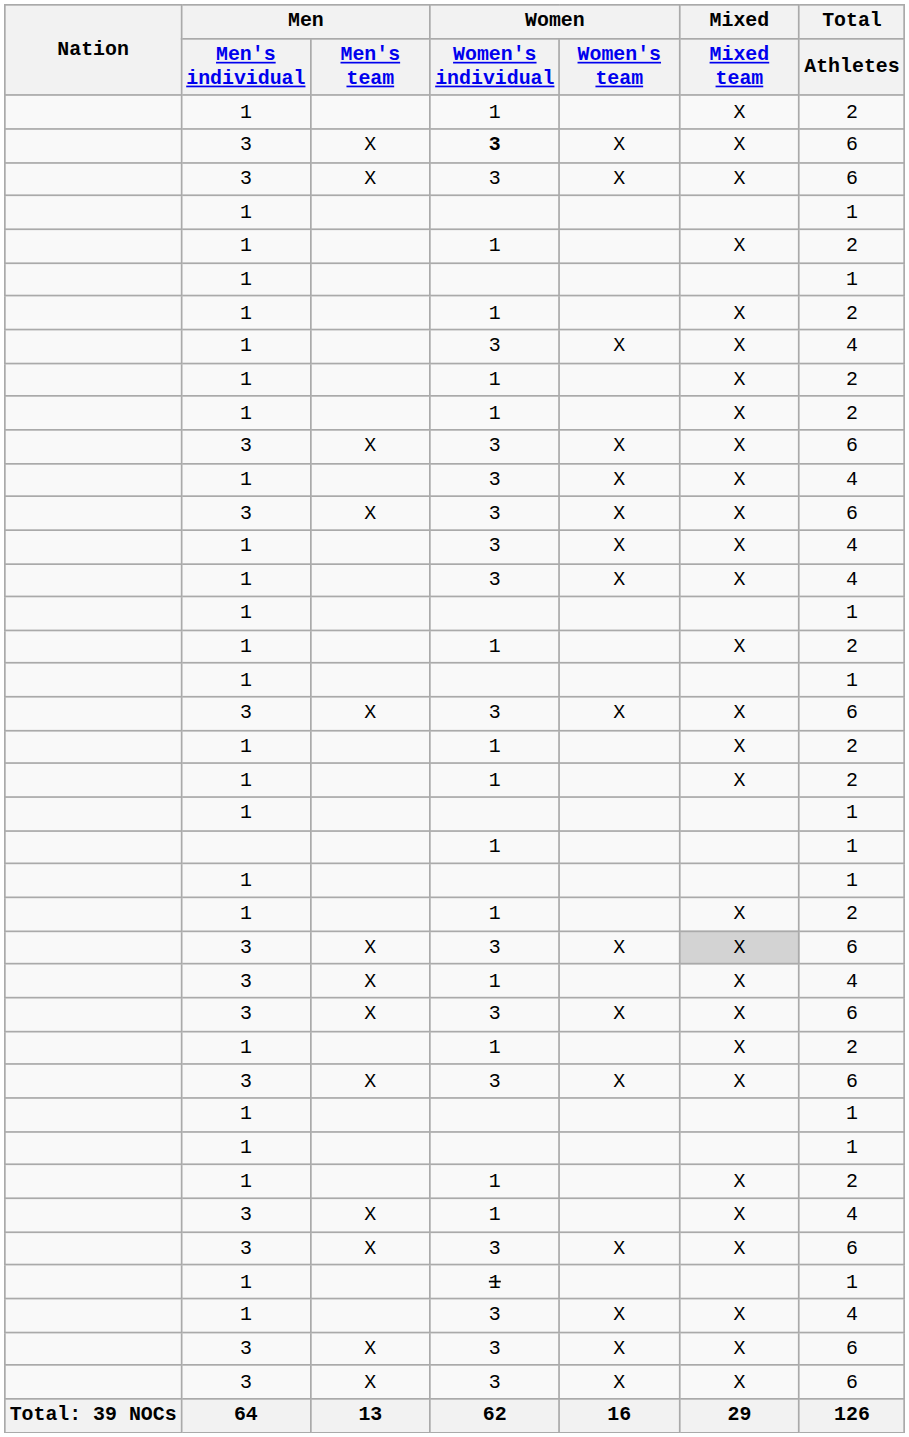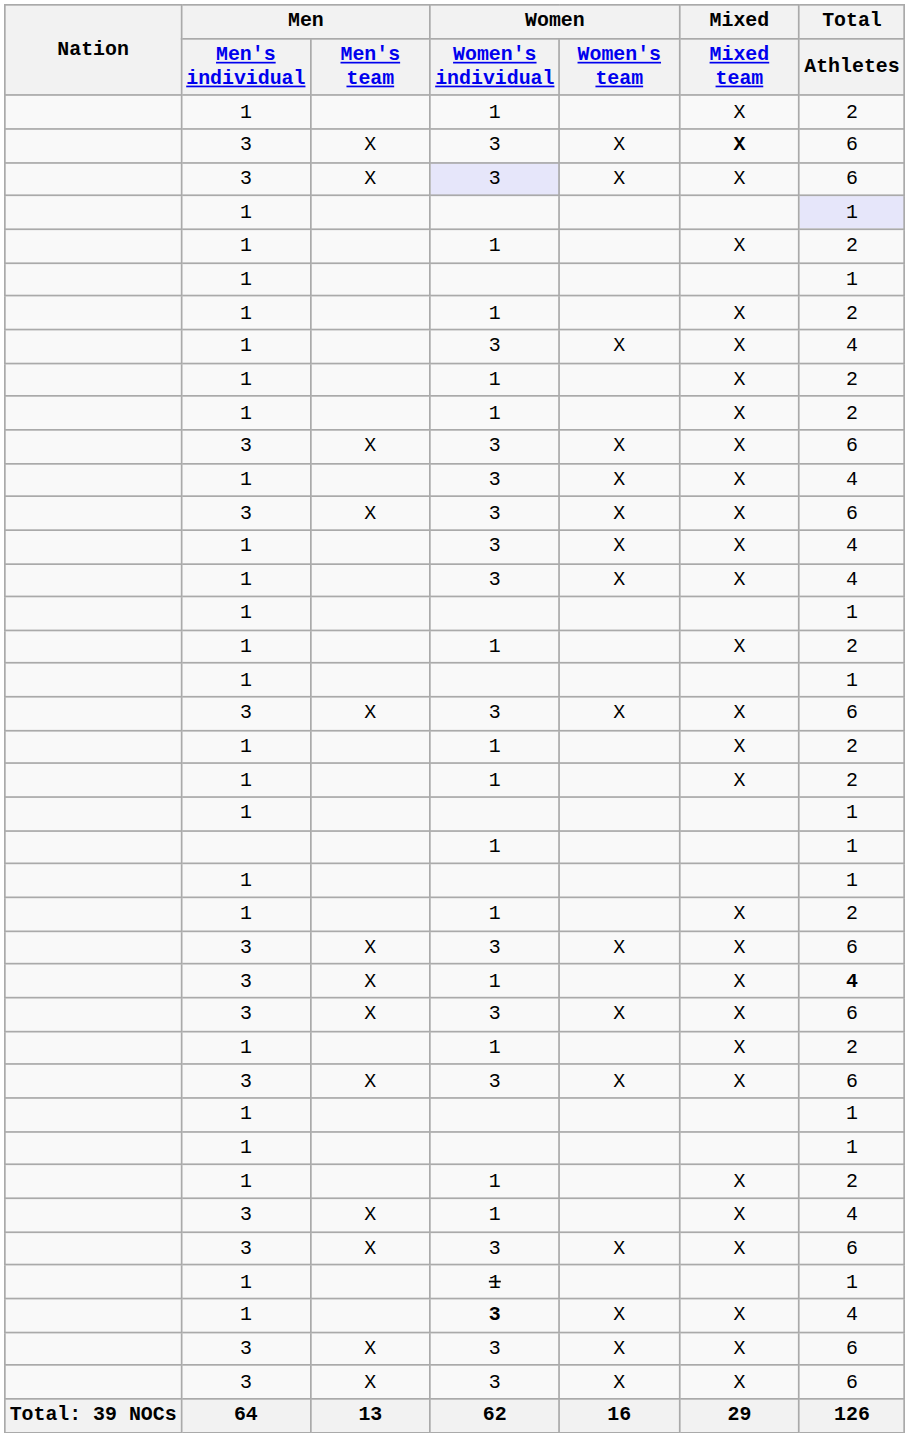 <table class="wikitable" style="text-align:center; font-size:90%">
 <tr>
 <th rowspan="2" align="left">Nation</th>
 <th colspan="2">Men</th>
 <th colspan="2">Women</th>
 <th>Mixed</th>
 <th>Total</th>
 </tr>
 <tr>
 <th width=65><a href='#'>Men's<br> individual</a></th>
 <th width=65><a href='#'>Men's<br> team</a></th>
 <th width=65><a href='#'>Women's<br> individual</a></th>
 <th width=65><a href='#'>Women's<br> team</a></th>
 <th width=65><a href='#'>Mixed<br> team</a></th>
 <th width=55>Athletes</th>
 </tr>
 <tr>
 <td align=left></td>
 <td>1</td>
 <td></td>
 <td>1</td>
 <td></td>
 <td>X</td>
 <td>2</td>
 </tr>
 <tr>
 <td align=left></td>
 <td>3</td>
 <td>X</td>
-<td><strong>3</strong></td>
+<td>3</td>
 <td>X</td>
-<td>X</td>
+<td><strong>X</strong></td>
 <td>6</td>
 </tr>
 <tr>
 <td align=left></td>
 <td>3</td>
 <td>X</td>
-<td>3</td>
+<td style="background: lavender;">3</td>
 <td>X</td>
 <td>X</td>
 <td>6</td>
 </tr>
 <tr>
 <td align=left></td>
 <td>1</td>
 <td></td>
 <td></td>
 <td></td>
 <td></td>
-<td>1</td>
+<td style="background: lavender;">1</td>
 </tr>
 <tr>
 <td align=left></td>
 <td>1</td>
 <td></td>
 <td>1</td>
 <td></td>
 <td>X</td>
 <td>2</td>
 </tr>
 <tr>
 <td align=left></td>
 <td>1</td>
 <td></td>
 <td></td>
 <td></td>
 <td></td>
 <td>1</td>
 </tr>
 <tr>
 <td align=left></td>
 <td>1</td>
 <td></td>
 <td>1</td>
 <td></td>
 <td>X</td>
 <td>2</td>
 </tr>
 <tr>
 <td align=left></td>
 <td>1</td>
 <td></td>
 <td>3</td>
 <td>X</td>
 <td>X</td>
 <td>4</td>
 </tr>
 <tr>
 <td align=left></td>
 <td>1</td>
 <td></td>
 <td>1</td>
 <td></td>
 <td>X</td>
 <td>2</td>
 </tr>
 <tr>
 <td align=left></td>
 <td>1</td>
 <td></td>
 <td>1</td>
 <td></td>
 <td>X</td>
 <td>2</td>
 </tr>
 <tr>
 <td align=left></td>
 <td>3</td>
 <td>X</td>
 <td>3</td>
 <td>X</td>
 <td>X</td>
 <td>6</td>
 </tr>
 <tr>
 <td align=left></td>
 <td>1</td>
 <td></td>
 <td>3</td>
 <td>X</td>
 <td>X</td>
 <td>4</td>
 </tr>
 <tr>
 <td align=left></td>
 <td>3</td>
 <td>X</td>
 <td>3</td>
 <td>X</td>
 <td>X</td>
 <td>6</td>
 </tr>
 <tr>
 <td align=left></td>
 <td>1</td>
 <td></td>
 <td>3</td>
 <td>X</td>
 <td>X</td>
 <td>4</td>
 </tr>
 <tr>
 <td align=left></td>
 <td>1</td>
 <td></td>
 <td>3</td>
 <td>X</td>
 <td>X</td>
 <td>4</td>
 </tr>
 <tr>
 <td align=left></td>
 <td>1</td>
 <td></td>
 <td></td>
 <td></td>
 <td></td>
 <td>1</td>
 </tr>
 <tr>
 <td align=left></td>
 <td>1</td>
 <td></td>
 <td>1</td>
 <td></td>
 <td>X</td>
 <td>2</td>
 </tr>
 <tr>
 <td align=left></td>
 <td>1</td>
 <td></td>
 <td></td>
 <td></td>
 <td></td>
 <td>1</td>
 </tr>
 <tr>
 <td align=left></td>
 <td>3</td>
 <td>X</td>
 <td>3</td>
 <td>X</td>
 <td>X</td>
 <td>6</td>
 </tr>
 <tr>
 <td align=left></td>
 <td>1</td>
 <td></td>
 <td>1</td>
 <td></td>
 <td>X</td>
 <td>2</td>
 </tr>
 <tr>
 <td align=left></td>
 <td>1</td>
 <td></td>
 <td>1</td>
 <td></td>
 <td>X</td>
 <td>2</td>
 </tr>
 <tr>
 <td align=left></td>
 <td>1</td>
 <td></td>
 <td></td>
 <td></td>
 <td></td>
 <td>1</td>
 </tr>
 <tr>
 <td align=left></td>
 <td></td>
 <td></td>
 <td>1</td>
 <td></td>
 <td></td>
 <td>1</td>
 </tr>
 <tr>
 <td align=left></td>
 <td>1</td>
 <td></td>
 <td></td>
 <td></td>
 <td></td>
 <td>1</td>
 </tr>
 <tr>
 <td align=left></td>
 <td>1</td>
 <td></td>
 <td>1</td>
 <td></td>
 <td>X</td>
 <td>2</td>
 </tr>
 <tr>
 <td align=left></td>
 <td>3</td>
 <td>X</td>
 <td>3</td>
 <td>X</td>
-<td style="background: lightgrey;">X</td>
+<td>X</td>
 <td>6</td>
 </tr>
 <tr>
 <td align=left></td>
 <td>3</td>
 <td>X</td>
 <td>1</td>
 <td></td>
 <td>X</td>
-<td>4</td>
+<td><strong>4</strong></td>
 </tr>
 <tr>
 <td align=left></td>
 <td>3</td>
 <td>X</td>
 <td>3</td>
 <td>X</td>
 <td>X</td>
 <td>6</td>
 </tr>
 <tr>
 <td align=left></td>
 <td>1</td>
 <td></td>
 <td>1</td>
 <td></td>
 <td>X</td>
 <td>2</td>
 </tr>
 <tr>
 <td align=left></td>
 <td>3</td>
 <td>X</td>
 <td>3</td>
 <td>X</td>
 <td>X</td>
 <td>6</td>
 </tr>
 <tr>
 <td align=left></td>
 <td>1</td>
 <td></td>
 <td></td>
 <td></td>
 <td></td>
 <td>1</td>
 </tr>
 <tr>
 <td align=left></td>
 <td>1</td>
 <td></td>
 <td></td>
 <td></td>
 <td></td>
 <td>1</td>
 </tr>
 <tr>
 <td align=left></td>
 <td>1</td>
 <td></td>
 <td>1</td>
 <td></td>
 <td>X</td>
 <td>2</td>
 </tr>
 <tr>
 <td align=left></td>
 <td>3</td>
 <td>X</td>
 <td>1</td>
 <td></td>
 <td>X</td>
 <td>4</td>
 </tr>
 <tr>
 <td align=left></td>
 <td>3</td>
 <td>X</td>
 <td>3</td>
 <td>X</td>
 <td>X</td>
 <td>6</td>
 </tr>
 <tr>
 <td align=left></td>
 <td>1</td>
 <td></td>
 <td><s>1</s></td>
 <td></td>
 <td></td>
 <td>1</td>
 </tr>
 <tr>
 <td align=left></td>
 <td>1</td>
 <td></td>
-<td>3</td>
+<td><strong>3</strong></td>
 <td>X</td>
 <td>X</td>
 <td>4</td>
 </tr>
 <tr>
 <td align=left></td>
 <td>3</td>
 <td>X</td>
 <td>3</td>
 <td>X</td>
 <td>X</td>
 <td>6</td>
 </tr>
 <tr>
 <td align=left></td>
 <td>3</td>
 <td>X</td>
 <td>3</td>
 <td>X</td>
 <td>X</td>
 <td>6</td>
 </tr>
 <tr>
 <th>Total: 39 NOCs</th>
 <th>64</th>
 <th>13</th>
 <th>62</th>
 <th>16</th>
 <th>29</th>
 <th>126</th>
 </tr>
 </table>
